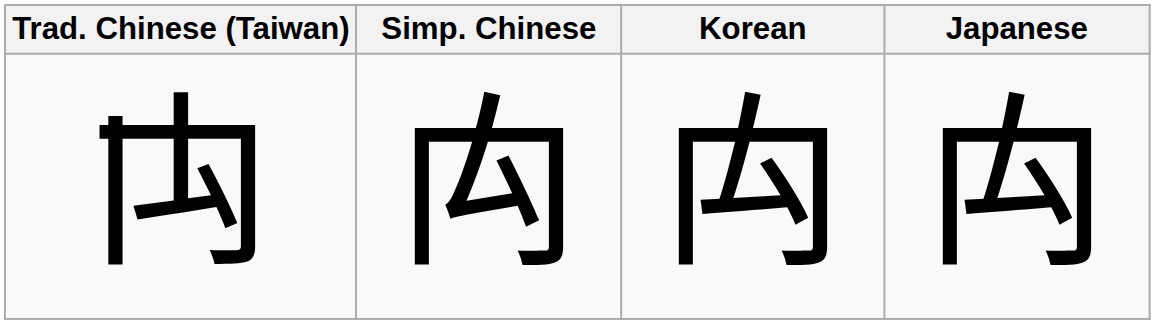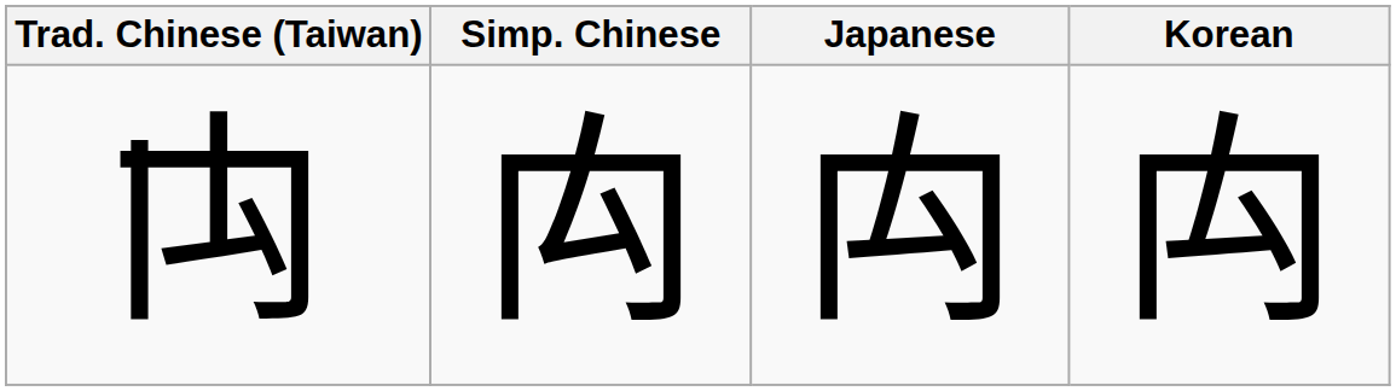 <table class="wikitable" style="text-align: center;">
 <tr>
 <th>Trad. Chinese (Taiwan)</th>
 <th>Simp. Chinese</th>
+<th>Japanese</th>
 <th>Korean</th>
-<th>Japanese</th>
 </tr>
 <tr style="font-size:6em;font-family:serif;line-height:100%;">
 <td lang="zh-tw">禸</td>
 <td lang="zh">禸</td>
+<td lang="ja">禸</td>
 <td lang="ko">禸</td>
-<td lang="ja">禸</td>
 </tr>
 </table>
